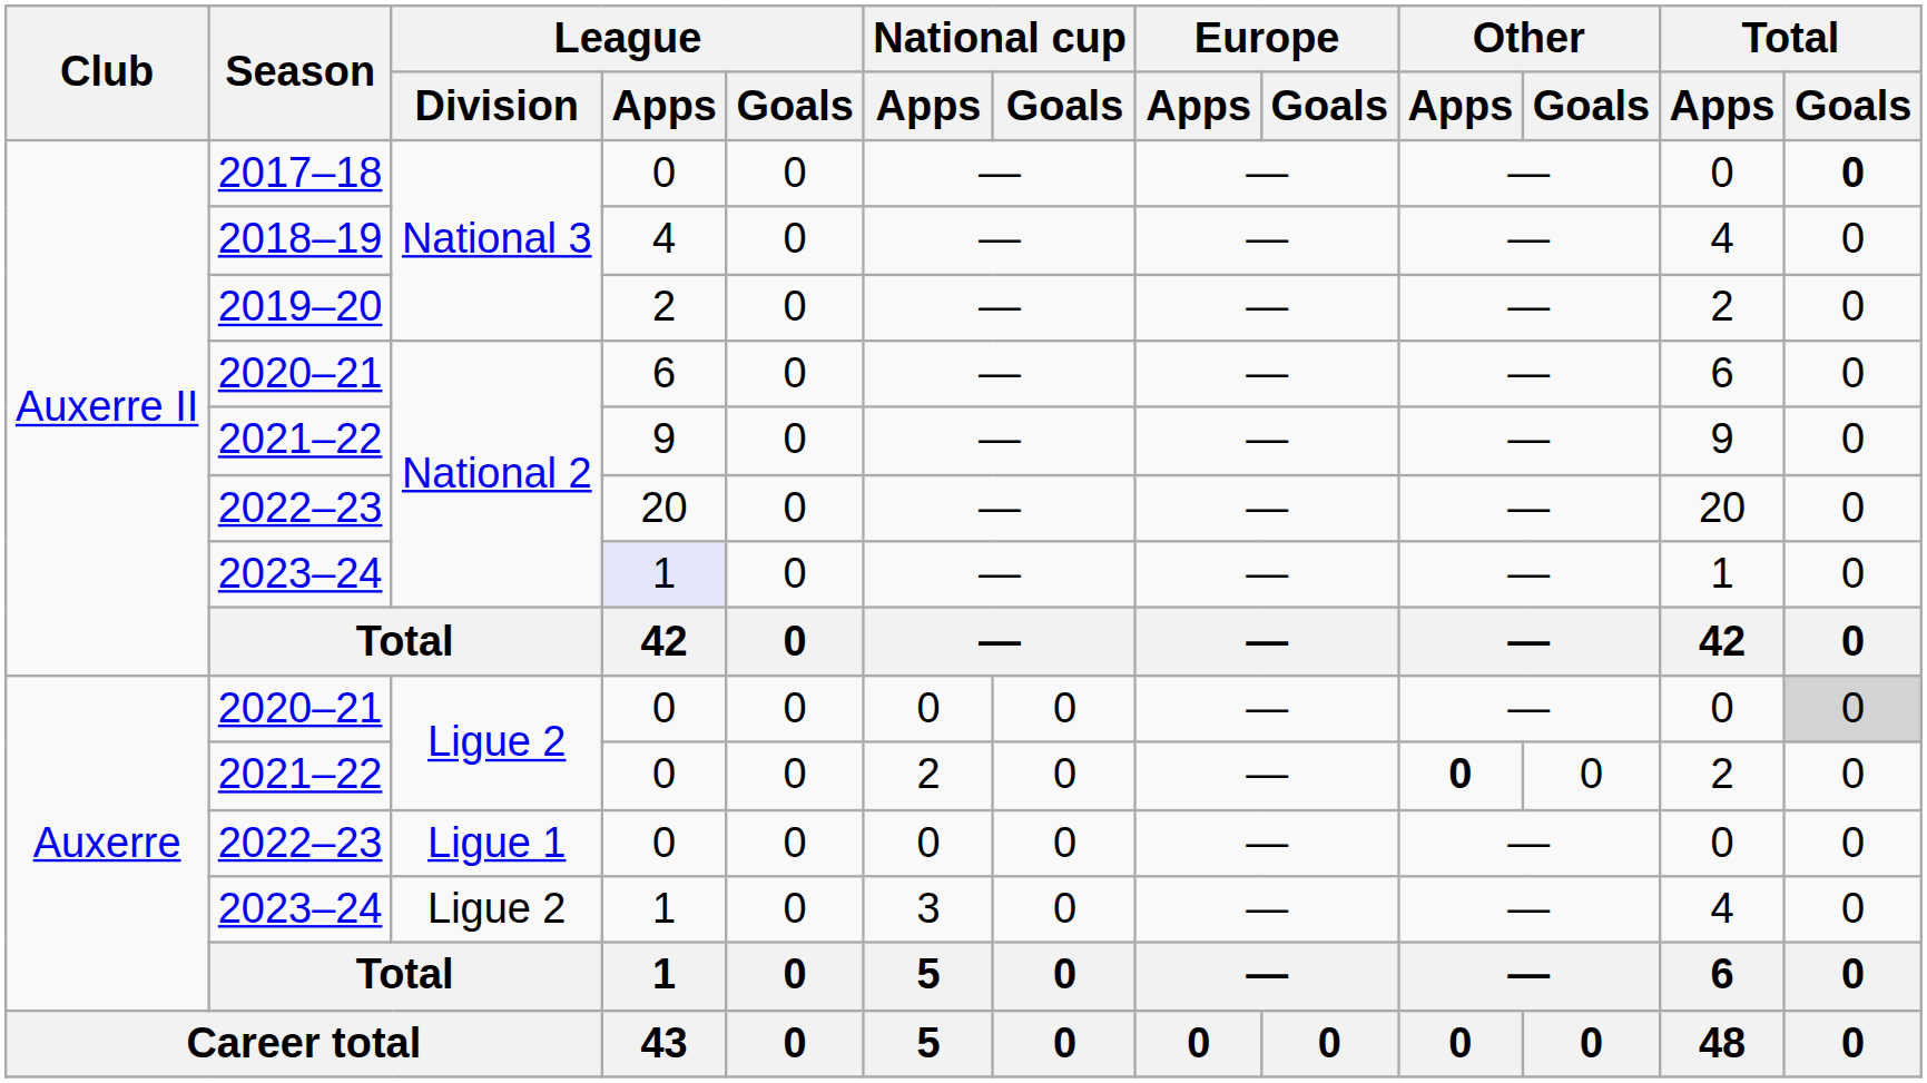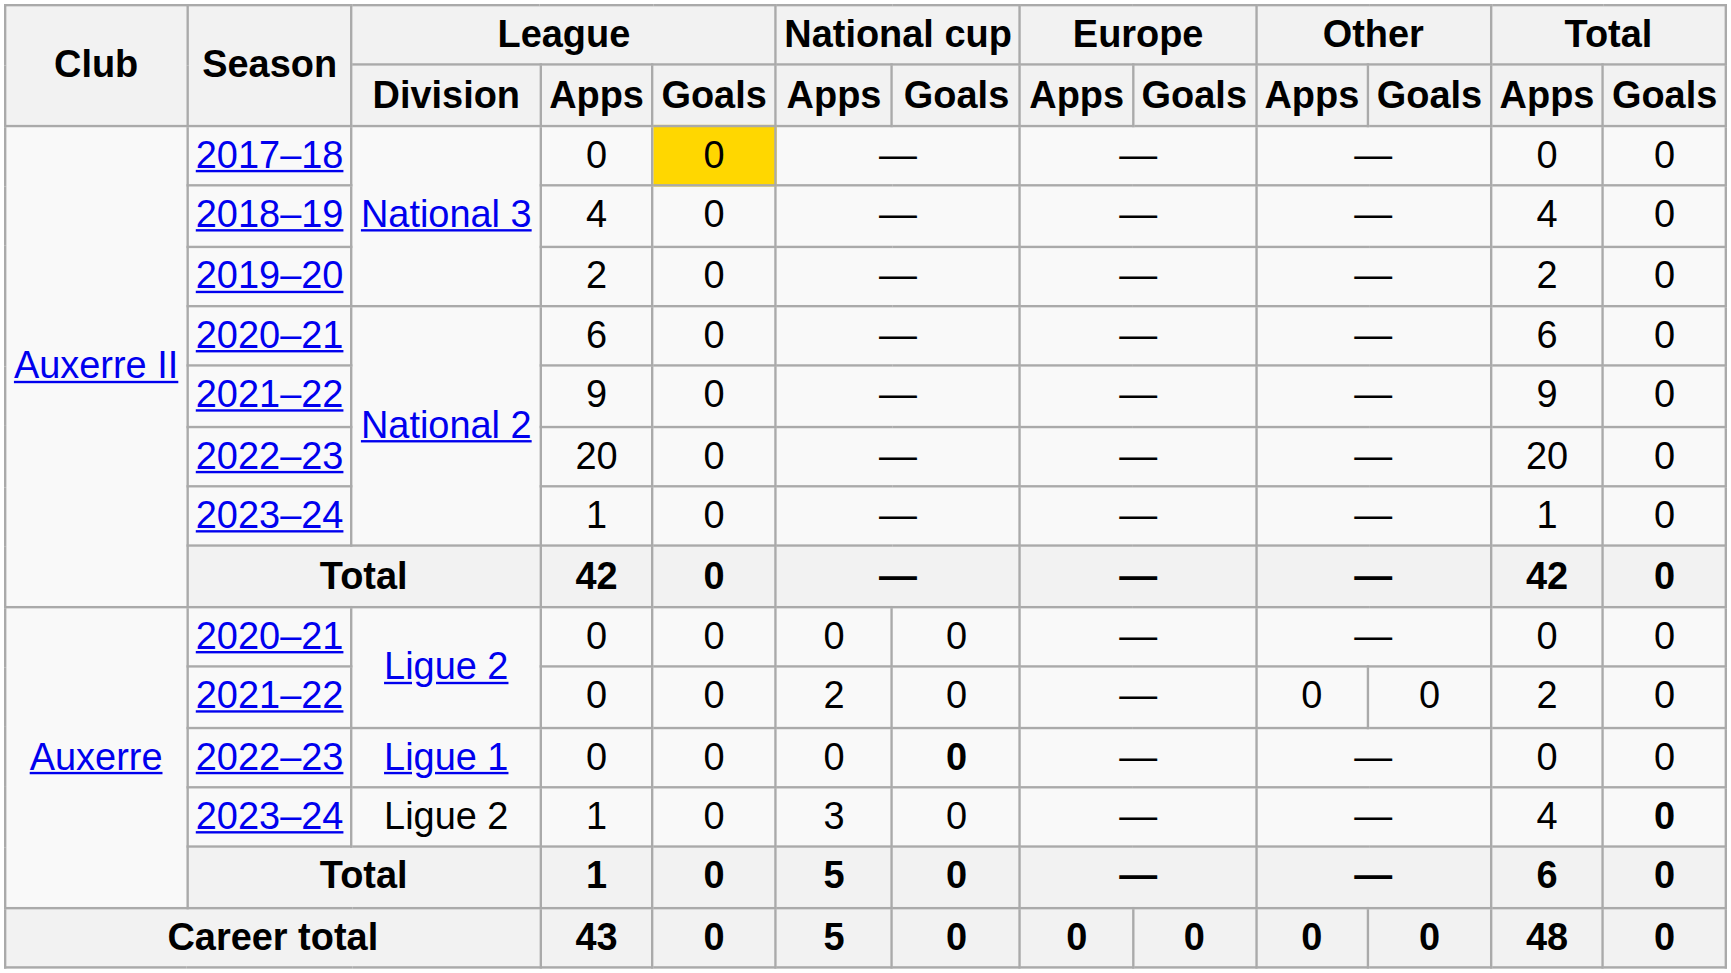 <table class="wikitable" style="text-align:center">
 <tr>
 <th rowspan="2">Club</th>
 <th rowspan="2">Season</th>
 <th colspan="3">League</th>
 <th colspan="2">National cup</th>
 <th colspan="2">Europe</th>
 <th colspan="2">Other</th>
 <th colspan="2">Total</th>
 </tr>
 <tr>
 <th>Division</th>
 <th>Apps</th>
 <th>Goals</th>
 <th>Apps</th>
 <th>Goals</th>
 <th>Apps</th>
 <th>Goals</th>
 <th>Apps</th>
 <th>Goals</th>
 <th>Apps</th>
 <th>Goals</th>
 </tr>
 <tr>
 <td rowspan="8"><a href='#'>Auxerre II</a></td>
 <td><a href='#'>2017–18</a></td>
 <td rowspan="3"><a href='#'>National 3</a></td>
 <td>0</td>
-<td>0</td>
+<td style="background: gold;">0</td>
 <td colspan="2">—</td>
 <td colspan="2">—</td>
 <td colspan="2">—</td>
 <td>0</td>
-<td><strong>0</strong></td>
+<td>0</td>
 </tr>
 <tr>
 <td><a href='#'>2018–19</a></td>
 <td>4</td>
 <td>0</td>
 <td colspan="2">—</td>
 <td colspan="2">—</td>
 <td colspan="2">—</td>
 <td>4</td>
 <td>0</td>
 </tr>
 <tr>
 <td><a href='#'>2019–20</a></td>
 <td>2</td>
 <td>0</td>
 <td colspan="2">—</td>
 <td colspan="2">—</td>
 <td colspan="2">—</td>
 <td>2</td>
 <td>0</td>
 </tr>
 <tr>
 <td><a href='#'>2020–21</a></td>
 <td rowspan="4"><a href='#'>National 2</a></td>
 <td>6</td>
 <td>0</td>
 <td colspan="2">—</td>
 <td colspan="2">—</td>
 <td colspan="2">—</td>
 <td>6</td>
 <td>0</td>
 </tr>
 <tr>
 <td><a href='#'>2021–22</a></td>
 <td>9</td>
 <td>0</td>
 <td colspan="2">—</td>
 <td colspan="2">—</td>
 <td colspan="2">—</td>
 <td>9</td>
 <td>0</td>
 </tr>
 <tr>
 <td><a href='#'>2022–23</a></td>
 <td>20</td>
 <td>0</td>
 <td colspan="2">—</td>
 <td colspan="2">—</td>
 <td colspan="2">—</td>
 <td>20</td>
 <td>0</td>
 </tr>
 <tr>
 <td><a href='#'>2023–24</a></td>
-<td style="background: lavender;">1</td>
+<td>1</td>
 <td>0</td>
 <td colspan="2">—</td>
 <td colspan="2">—</td>
 <td colspan="2">—</td>
 <td>1</td>
 <td>0</td>
 </tr>
 <tr>
 <th colspan="2">Total</th>
 <th>42</th>
 <th>0</th>
 <th colspan="2">—</th>
 <th colspan="2">—</th>
 <th colspan="2">—</th>
 <th>42</th>
 <th>0</th>
 </tr>
 <tr>
 <td rowspan="5"><a href='#'>Auxerre</a></td>
 <td><a href='#'>2020–21</a></td>
 <td rowspan="2"><a href='#'>Ligue 2</a></td>
 <td>0</td>
 <td>0</td>
 <td>0</td>
 <td>0</td>
 <td colspan="2">—</td>
 <td colspan="2">—</td>
 <td>0</td>
-<td style="background: lightgrey;">0</td>
+<td>0</td>
 </tr>
 <tr>
 <td><a href='#'>2021–22</a></td>
 <td>0</td>
 <td>0</td>
 <td>2</td>
 <td>0</td>
 <td colspan="2">—</td>
-<td><strong>0</strong></td>
+<td>0</td>
 <td>0</td>
 <td>2</td>
 <td>0</td>
 </tr>
 <tr>
 <td><a href='#'>2022–23</a></td>
 <td><a href='#'>Ligue 1</a></td>
 <td>0</td>
 <td>0</td>
 <td>0</td>
-<td>0</td>
+<td><strong>0</strong></td>
 <td colspan="2">—</td>
 <td colspan="2">—</td>
 <td>0</td>
 <td>0</td>
 </tr>
 <tr>
 <td><a href='#'>2023–24</a></td>
 <td>Ligue 2</td>
 <td>1</td>
 <td>0</td>
 <td>3</td>
 <td>0</td>
 <td colspan="2">—</td>
 <td colspan="2">—</td>
 <td>4</td>
-<td>0</td>
+<td><strong>0</strong></td>
 </tr>
 <tr>
 <th colspan="2">Total</th>
 <th>1</th>
 <th>0</th>
 <th>5</th>
 <th>0</th>
 <th colspan="2">—</th>
 <th colspan="2">—</th>
 <th>6</th>
 <th>0</th>
 </tr>
 <tr>
 <th colspan="3">Career total</th>
 <th>43</th>
 <th>0</th>
 <th>5</th>
 <th>0</th>
 <th>0</th>
 <th>0</th>
 <th>0</th>
 <th>0</th>
 <th>48</th>
 <th>0</th>
 </tr>
 </table>
